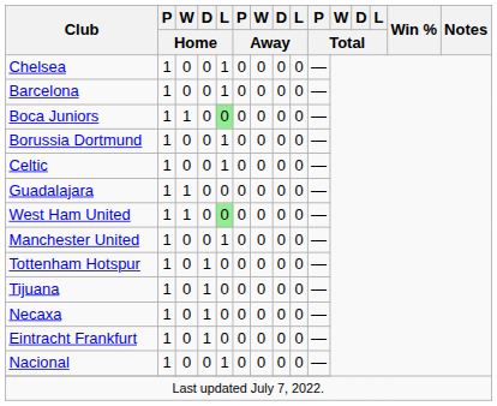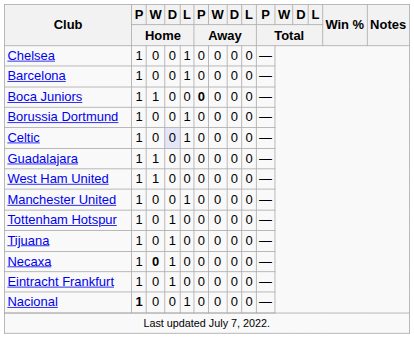 <table class="wikitable sortable" style="text-align:center;">
 <tr>
 <th width="150" rowspan="2">Club</th>
 <th>P</th>
 <th>W</th>
 <th>D</th>
 <th>L</th>
 <th>P</th>
 <th>W</th>
 <th>D</th>
 <th>L</th>
 <th>P</th>
 <th>W</th>
 <th>D</th>
 <th>L</th>
 <th rowspan="2">Win %</th>
 <th class="unsortable" rowspan="2">Notes</th>
 </tr>
 <tr class="unsortable">
 <th colspan="4">Home</th>
 <th colspan="4">Away</th>
 <th colspan="4">Total</th>
 </tr>
 <tr>
 <td align="left"> <a href='#'>Chelsea</a></td>
 <td>1</td>
 <td>0</td>
 <td>0</td>
 <td>1<br></td>
 <td>0</td>
 <td>0</td>
 <td>0</td>
 <td>0<br> </td>
 <td>—</td>
 </tr>
 <tr>
 <td align="left"> <a href='#'>Barcelona</a></td>
 <td>1</td>
 <td>0</td>
 <td>0</td>
 <td>1<br></td>
 <td>0</td>
 <td>0</td>
 <td>0</td>
 <td>0<br> </td>
 <td>—</td>
 </tr>
 <tr>
 <td align="left"> <a href='#'>Boca Juniors</a></td>
 <td>1</td>
 <td>1</td>
 <td>0</td>
-<td style="background: lightgreen;">0<br></td>
-<td>0</td>
+<td>0<br></td>
+<td><strong>0</strong></td>
 <td>0</td>
 <td>0</td>
 <td>0<br> </td>
 <td>—</td>
 </tr>
 <tr>
 <td align="left"> <a href='#'>Borussia Dortmund</a></td>
 <td>1</td>
 <td>0</td>
 <td>0</td>
 <td>1<br></td>
 <td>0</td>
 <td>0</td>
 <td>0</td>
 <td>0<br> </td>
 <td>—</td>
 </tr>
 <tr>
 <td align="left"> <a href='#'>Celtic</a></td>
 <td>1</td>
 <td>0</td>
-<td>0</td>
+<td style="background: lavender;">0</td>
 <td>1<br></td>
 <td>0</td>
 <td>0</td>
 <td>0</td>
 <td>0<br> </td>
 <td>—</td>
 </tr>
 <tr>
 <td align="left"> <a href='#'>Guadalajara</a></td>
 <td>1</td>
 <td>1</td>
 <td>0</td>
 <td>0<br></td>
 <td>0</td>
 <td>0</td>
 <td>0</td>
 <td>0<br> </td>
 <td>—</td>
 </tr>
 <tr>
 <td align="left"> <a href='#'>West Ham United</a></td>
 <td>1</td>
 <td>1</td>
 <td>0</td>
-<td style="background: lightgreen;">0<br></td>
+<td>0<br></td>
 <td>0</td>
 <td>0</td>
 <td>0</td>
 <td>0<br> </td>
 <td>—</td>
 </tr>
 <tr>
 <td align="left"> <a href='#'>Manchester United</a></td>
 <td>1</td>
 <td>0</td>
 <td>0</td>
 <td>1<br></td>
 <td>0</td>
 <td>0</td>
 <td>0</td>
 <td>0<br> </td>
 <td>—</td>
 </tr>
 <tr>
 <td align="left"> <a href='#'>Tottenham Hotspur</a></td>
 <td>1</td>
 <td>0</td>
 <td>1</td>
 <td>0<br></td>
 <td>0</td>
 <td>0</td>
 <td>0</td>
 <td>0<br> </td>
 <td>—</td>
 </tr>
 <tr>
 <td align="left"> <a href='#'>Tijuana</a></td>
 <td>1</td>
 <td>0</td>
 <td>1</td>
 <td>0<br></td>
 <td>0</td>
 <td>0</td>
 <td>0</td>
 <td>0<br> </td>
 <td>—</td>
 </tr>
 <tr>
 <td align="left"> <a href='#'>Necaxa</a></td>
 <td>1</td>
-<td>0</td>
+<td><strong>0</strong></td>
 <td>1</td>
 <td>0<br></td>
 <td>0</td>
 <td>0</td>
 <td>0</td>
 <td>0<br> </td>
 <td>—</td>
 </tr>
 <tr>
 <td align="left"> <a href='#'>Eintracht Frankfurt</a></td>
 <td>1</td>
 <td>0</td>
 <td>1</td>
 <td>0<br></td>
 <td>0</td>
 <td>0</td>
 <td>0</td>
 <td>0<br> </td>
 <td>—</td>
 </tr>
 <tr>
 <td align="left"> <a href='#'>Nacional</a></td>
-<td>1</td>
+<td><strong>1</strong></td>
 <td>0</td>
 <td>0</td>
 <td>1<br></td>
 <td>0</td>
 <td>0</td>
 <td>0</td>
 <td>0<br> </td>
 <td>—</td>
 </tr>
 <tr>
 </tr>
 <tr class="sortbottom">
 <td class="unsortable" colspan="18"><small>Last updated July 7, 2022.</small></td>
 </tr>
 </table>
